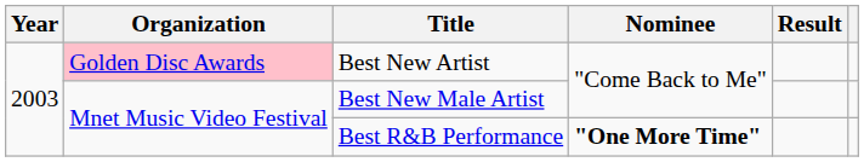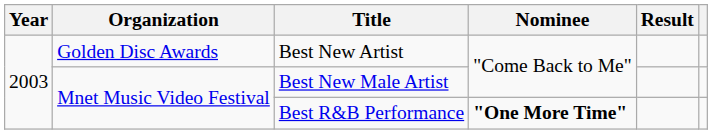 <table class="wikitable plainrowheaders">
 <tr>
 <th scope="col">Year</th>
 <th scope="col">Organization</th>
 <th scope="col">Title</th>
 <th scope="col">Nominee</th>
 <th scope="col">Result</th>
 <th class="unsortable"></th>
 </tr>
 <tr>
 <td rowspan="3">2003</td>
-<td style="background: pink;"><a href='#'>Golden Disc Awards</a></td>
+<td><a href='#'>Golden Disc Awards</a></td>
 <td>Best New Artist</td>
 <td rowspan="2">"Come Back to Me"</td>
 <td></td>
 <td align="center"></td>
 </tr>
 <tr>
 <td rowspan="2"><a href='#'>Mnet Music Video Festival</a></td>
 <td><a href='#'>Best New Male Artist</a></td>
 <td></td>
 <td align="center"></td>
 </tr>
 <tr>
 <td><a href='#'>Best R&B Performance</a></td>
 <td><strong>"One More Time"</strong></td>
 <td></td>
 <td></td>
 </tr>
 </table>
